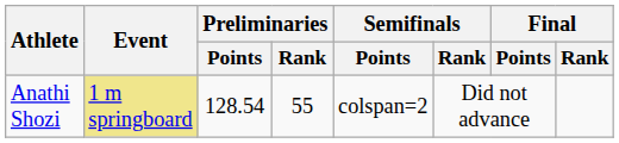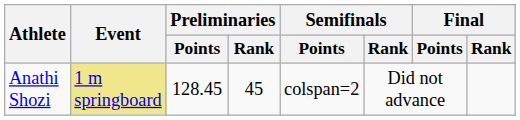 <table class="wikitable" style="text-align:center; font-size:90%; width:50%;">
 <tr>
 <th rowspan=2>Athlete</th>
 <th rowspan=2>Event</th>
 <th colspan=2>Preliminaries</th>
 <th colspan=2>Semifinals</th>
 <th colspan=2>Final</th>
 </tr>
 <tr style="font-size:95%">
 <th>Points</th>
 <th>Rank</th>
 <th>Points</th>
 <th>Rank</th>
 <th>Points</th>
 <th>Rank</th>
 </tr>
 <tr>
 <td align=left><a href='#'>Anathi Shozi</a></td>
 <td align=left style="background: khaki;"><a href='#'>1 m springboard</a></td>
-<td>128.54</td>
-<td>55</td>
+<td>128.45</td>
+<td>45</td>
 <td>colspan=2 </td>
 <td colspan=2>Did not advance</td>
 </tr>
 </table>
